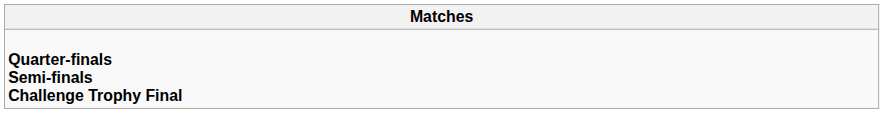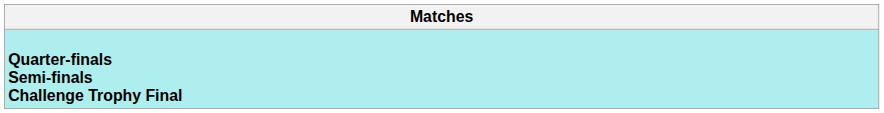 <table class="wikitable collapsible collapsed" style="width:100%;">
 <tr>
 <th>Matches</th>
 </tr>
 <tr>
-<td><br><strong>Quarter-finals</strong>    <br><strong>Semi-finals</strong>  <br><strong>Challenge Trophy Final</strong> </td>
+<td style="background: paleturquoise;"><br><strong>Quarter-finals</strong>    <br><strong>Semi-finals</strong>  <br><strong>Challenge Trophy Final</strong> </td>
 </tr>
 </table>
